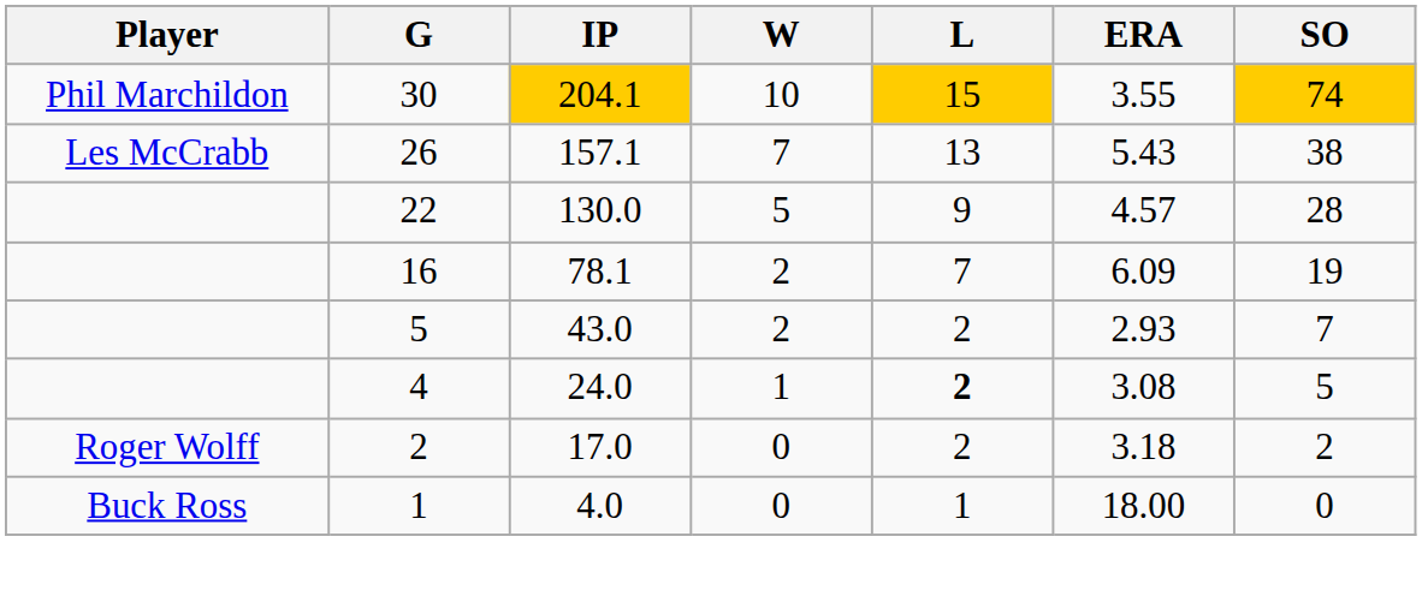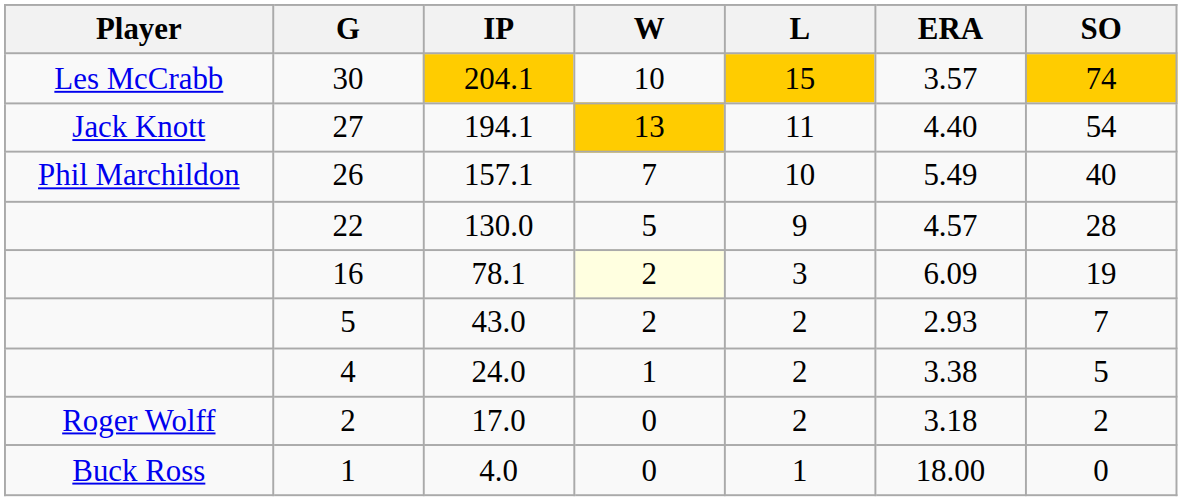 <table class="wikitable sortable">
 <tr>
 <th bgcolor="#DDDDFF" width="16%">Player</th>
 <th bgcolor="#DDDDFF" width="9%">G</th>
 <th bgcolor="#DDDDFF" width="9%">IP</th>
 <th bgcolor="#DDDDFF" width="9%">W</th>
 <th bgcolor="#DDDDFF" width="9%">L</th>
 <th bgcolor="#DDDDFF" width="9%">ERA</th>
 <th bgcolor="#DDDDFF" width="9%">SO</th>
 </tr>
 <tr align="center">
-<td><a href='#'>Phil Marchildon</a></td>
+<td><a href='#'>Les McCrabb</a></td>
 <td>30</td>
 <td style="background:#fc0;">204.1</td>
 <td>10</td>
 <td style="background:#fc0;">15</td>
-<td>3.55</td>
+<td>3.57</td>
 <td style="background:#fc0;">74</td>
 </tr>
 <tr align="center">
-<td><a href='#'>Les McCrabb</a></td>
+<td><a href='#'>Jack Knott</a></td>
+<td>27</td>
+<td>194.1</td>
+<td style="background:#fc0;">13</td>
+<td>11</td>
+<td>4.40</td>
+<td>54</td>
+</tr>
+<tr align="center">
+<td><a href='#'>Phil Marchildon</a></td>
 <td>26</td>
 <td>157.1</td>
 <td>7</td>
-<td>13</td>
-<td>5.43</td>
-<td>38</td>
+<td>10</td>
+<td>5.49</td>
+<td>40</td>
 </tr>
 <tr align="center">
 <td></td>
 <td>22</td>
 <td>130.0</td>
 <td>5</td>
 <td>9</td>
 <td>4.57</td>
 <td>28</td>
 </tr>
 <tr align="center">
 <td></td>
 <td>16</td>
 <td>78.1</td>
-<td>2</td>
-<td>7</td>
+<td style="background: lightyellow;">2</td>
+<td>3</td>
 <td>6.09</td>
 <td>19</td>
 </tr>
 <tr align="center">
 <td></td>
 <td>5</td>
 <td>43.0</td>
 <td>2</td>
 <td>2</td>
 <td>2.93</td>
 <td>7</td>
 </tr>
 <tr align="center">
 <td></td>
 <td>4</td>
 <td>24.0</td>
 <td>1</td>
-<td><strong>2</strong></td>
-<td>3.08</td>
+<td>2</td>
+<td>3.38</td>
 <td>5</td>
 </tr>
 <tr align="center">
 <td><a href='#'>Roger Wolff</a></td>
 <td>2</td>
 <td>17.0</td>
 <td>0</td>
 <td>2</td>
 <td>3.18</td>
 <td>2</td>
 </tr>
 <tr align="center">
 <td><a href='#'>Buck Ross</a></td>
 <td>1</td>
 <td>4.0</td>
 <td>0</td>
 <td>1</td>
 <td>18.00</td>
 <td>0</td>
 </tr>
 </table>
